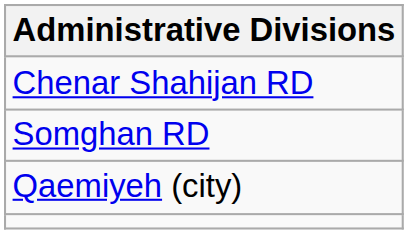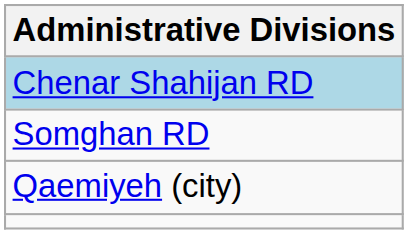 <table class="wikitable">
 <tr>
 <th>Administrative Divisions</th>
 </tr>
 <tr>
-<td><a href='#'>Chenar Shahijan RD</a></td>
+<td style="background: lightblue;"><a href='#'>Chenar Shahijan RD</a></td>
 </tr>
 <tr>
 <td><a href='#'>Somghan RD</a></td>
 </tr>
 <tr>
 <td><a href='#'>Qaemiyeh</a> (city)</td>
 </tr>
 <tr>
 <td colspan=1></td>
 </tr>
 </table>
